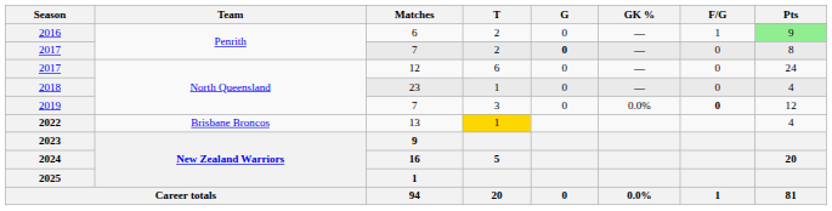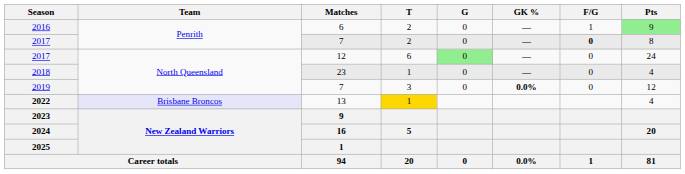 <table class="wikitable sortable"  style="font-size:90%; text-align:center; width:85%;">
 <tr>
 <th width=2%>Season</th>
 <th width=8%>Team</th>
 <th width=2%>Matches</th>
 <th width=2%>T</th>
 <th width=2%>G</th>
 <th width=2%>GK %</th>
 <th width=2%>F/G</th>
 <th width=2%>Pts</th>
 </tr>
 <tr>
 <th scope="row" style="text-align:center; font-weight:normal"><a href='#'>2016</a></th>
 <td rowspan="2" style="text-align:center;"> <a href='#'>Penrith</a></td>
 <td>6</td>
 <td>2</td>
 <td>0</td>
 <td>—</td>
 <td>1</td>
 <td style="background: lightgreen;">9</td>
 </tr>
 <tr style="background:#eaeaea;">
 <th scope="row" style="text-align:center; font-weight:normal"><a href='#'>2017</a></th>
 <td>7</td>
 <td>2</td>
+<td>0</td>
+<td>—</td>
 <td><strong>0</strong></td>
-<td>—</td>
-<td>0</td>
 <td>8</td>
 </tr>
 <tr>
 <th scope="row" style="text-align:center; font-weight:normal"><a href='#'>2017</a></th>
 <td rowspan="3" style="text-align:center;"> <a href='#'>North Queensland</a></td>
 <td>12</td>
 <td>6</td>
-<td>0</td>
+<td style="background: lightgreen;">0</td>
 <td>—</td>
 <td>0</td>
 <td>24</td>
 </tr>
 <tr style="background:#eaeaea;">
 <th scope="row" style="text-align:center; font-weight:normal"><a href='#'>2018</a></th>
 <td>23</td>
 <td>1</td>
 <td>0</td>
 <td>—</td>
 <td>0</td>
 <td>4</td>
 </tr>
 <tr>
 <th scope="row" style="text-align:center; font-weight:normal"><a href='#'>2019</a></th>
 <td>7</td>
 <td>3</td>
 <td>0</td>
-<td>0.0%</td>
-<td><strong>0</strong></td>
+<td><strong>0.0%</strong></td>
+<td>0</td>
 <td>12</td>
 </tr>
 <tr>
 <th>2022</th>
-<td> <a href='#'>Brisbane Broncos</a></td>
+<td style="background: lavender;"> <a href='#'>Brisbane Broncos</a></td>
 <td>13</td>
 <td style="background: gold;">1</td>
 <td></td>
 <td></td>
 <td></td>
 <td>4</td>
 </tr>
 <tr>
 <th>2023</th>
 <th rowspan="3"> <a href='#'>New Zealand Warriors</a></th>
 <th>9</th>
 <th></th>
 <th></th>
 <th></th>
 <th></th>
 <th></th>
 </tr>
 <tr>
 <th>2024</th>
 <th>16</th>
 <th>5</th>
 <th></th>
 <th></th>
 <th></th>
 <th>20</th>
 </tr>
 <tr>
 <th>2025</th>
 <th>1</th>
 <th></th>
 <th></th>
 <th></th>
 <th></th>
 <th></th>
 </tr>
 <tr class="sortbottom">
 <th colspan="2">Career totals</th>
 <th>94</th>
 <th>20</th>
 <th>0</th>
 <th>0.0%</th>
 <th>1</th>
 <th>81</th>
 </tr>
 </table>
